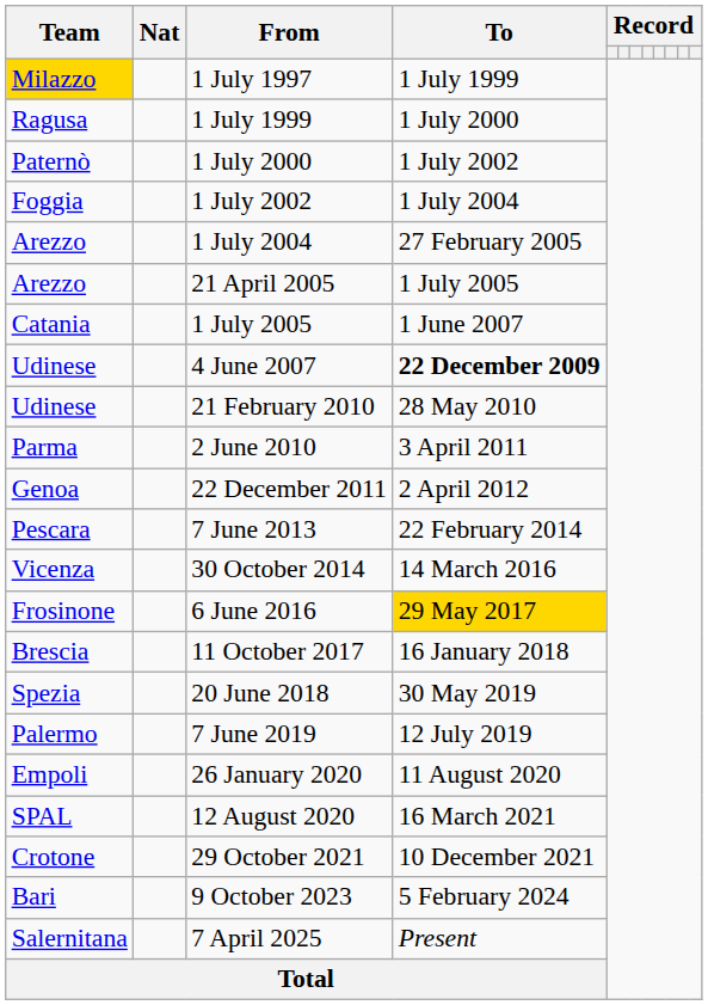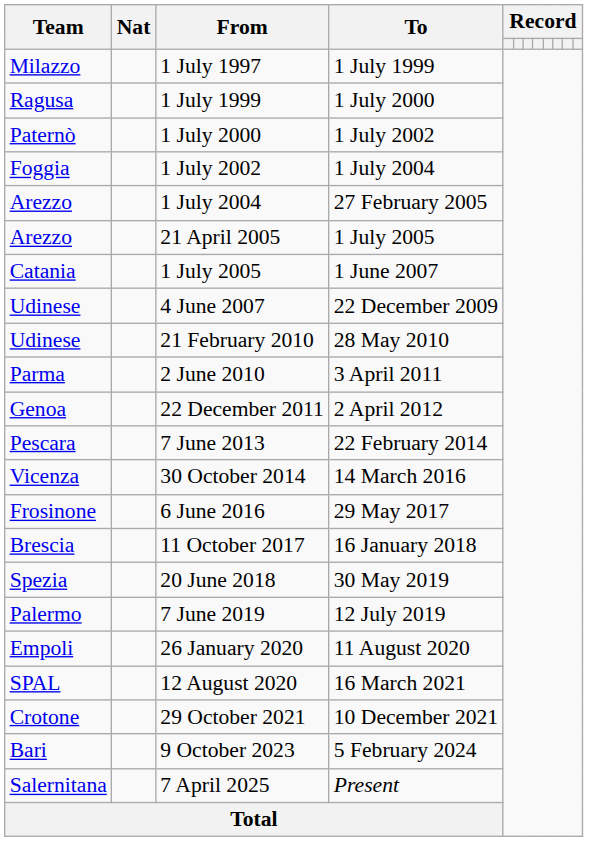 <table class="wikitable" style="text-align: center">
 <tr>
 <th rowspan="2">Team</th>
 <th rowspan="2">Nat</th>
 <th rowspan="2">From</th>
 <th rowspan="2">To</th>
 <th colspan="8">Record</th>
 </tr>
 <tr>
 <th></th>
 <th></th>
 <th></th>
 <th></th>
 <th></th>
 <th></th>
 <th></th>
 <th></th>
 </tr>
 <tr>
-<td align=left style="background: gold;"><a href='#'>Milazzo</a></td>
+<td align=left><a href='#'>Milazzo</a></td>
 <td></td>
 <td align=left>1 July 1997</td>
 <td align=left>1 July 1999<br></td>
 </tr>
 <tr>
 <td align=left><a href='#'>Ragusa</a></td>
 <td></td>
 <td align=left>1 July 1999</td>
 <td align=left>1 July 2000<br></td>
 </tr>
 <tr>
 <td align=left><a href='#'>Paternò</a></td>
 <td></td>
 <td align=left>1 July 2000</td>
 <td align=left>1 July 2002<br></td>
 </tr>
 <tr>
 <td align=left><a href='#'>Foggia</a></td>
 <td></td>
 <td align=left>1 July 2002</td>
 <td align=left>1 July 2004<br></td>
 </tr>
 <tr>
 <td align=left><a href='#'>Arezzo</a></td>
 <td></td>
 <td align=left>1 July 2004</td>
 <td align=left>27 February 2005<br></td>
 </tr>
 <tr>
 <td align=left><a href='#'>Arezzo</a></td>
 <td></td>
 <td align=left>21 April 2005</td>
 <td align=left>1 July 2005<br></td>
 </tr>
 <tr>
 <td align=left><a href='#'>Catania</a></td>
 <td></td>
 <td align=left>1 July 2005</td>
 <td align=left>1 June 2007<br></td>
 </tr>
 <tr>
 <td align=left><a href='#'>Udinese</a></td>
 <td></td>
 <td align=left>4 June 2007</td>
-<td aligb=left><strong>22 December 2009<br></strong></td>
+<td aligb=left>22 December 2009<br></td>
 </tr>
 <tr>
 <td align=left><a href='#'>Udinese</a></td>
 <td></td>
 <td align=left>21 February 2010</td>
 <td align=left>28 May 2010<br></td>
 </tr>
 <tr>
 <td align=left><a href='#'>Parma</a></td>
 <td></td>
 <td align=left>2 June 2010</td>
 <td align=left>3 April 2011<br></td>
 </tr>
 <tr>
 <td align=left><a href='#'>Genoa</a></td>
 <td></td>
 <td align=left>22 December 2011</td>
 <td align=left>2 April 2012<br></td>
 </tr>
 <tr>
 <td align=left><a href='#'>Pescara</a></td>
 <td></td>
 <td align=left>7 June 2013</td>
 <td align=left>22 February 2014<br></td>
 </tr>
 <tr>
 <td align=left><a href='#'>Vicenza</a></td>
 <td></td>
 <td align=left>30 October 2014</td>
 <td align=left>14 March 2016<br></td>
 </tr>
 <tr>
 <td align=left><a href='#'>Frosinone</a></td>
 <td></td>
 <td align=left>6 June 2016</td>
-<td align=left style="background: gold;">29 May 2017<br></td>
+<td align=left>29 May 2017<br></td>
 </tr>
 <tr>
 <td align=left><a href='#'>Brescia</a></td>
 <td></td>
 <td align=left>11 October 2017</td>
 <td align=left>16 January 2018<br></td>
 </tr>
 <tr>
 <td align=left><a href='#'>Spezia</a></td>
 <td></td>
 <td align=left>20 June 2018</td>
 <td align=left>30 May 2019<br></td>
 </tr>
 <tr>
 <td align=left><a href='#'>Palermo</a></td>
 <td></td>
 <td align=left>7 June 2019</td>
 <td align=left>12 July 2019<br></td>
 </tr>
 <tr>
 <td align=left><a href='#'>Empoli</a></td>
 <td></td>
 <td align=left>26 January 2020</td>
 <td align=left>11 August 2020<br></td>
 </tr>
 <tr>
 <td align=left><a href='#'>SPAL</a></td>
 <td></td>
 <td align=left>12 August 2020</td>
 <td align=left>16 March 2021<br></td>
 </tr>
 <tr>
 <td align=left><a href='#'>Crotone</a></td>
 <td></td>
 <td align=left>29 October 2021</td>
 <td align=left>10 December 2021<br></td>
 </tr>
 <tr>
 <td align=left><a href='#'>Bari</a></td>
 <td></td>
 <td align=left>9 October 2023</td>
 <td align=left>5 February 2024<br></td>
 </tr>
 <tr>
 <td align=left><a href='#'>Salernitana</a></td>
 <td></td>
 <td align=left>7 April 2025</td>
 <td align=left><em>Present</em><br></td>
 </tr>
 <tr>
 <th colspan="4">Total<br></th>
 </tr>
 </table>
